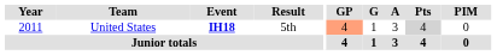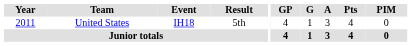 <table border="0" cellpadding="1" cellspacing="0" ID="Table3" style="text-align:center; width:40em">
 <tr bgcolor="#e0e0e0">
 <th>Year</th>
 <th>Team</th>
 <th>Event</th>
 <th>Result</th>
 <th rowspan="99" bgcolor="#ffffff"></th>
 <th>GP</th>
 <th>G</th>
 <th>A</th>
 <th>Pts</th>
 <th>PIM</th>
 </tr>
 <tr>
 <td><a href='#'>2011</a></td>
 <td><a href='#'>United States</a></td>
-<td><strong><a href='#'>IH18</a></strong></td>
+<td><a href='#'>IH18</a></td>
 <td>5th</td>
-<td style="background: lightsalmon;">4</td>
+<td>4</td>
 <td>1</td>
 <td>3</td>
-<td style="background: lightgrey;">4</td>
+<td>4</td>
 <td>0</td>
 </tr>
 <tr bgcolor="#e0e0e0">
 <th colspan="4">Junior totals</th>
 <th>4</th>
 <th>1</th>
 <th>3</th>
 <th>4</th>
 <th>0</th>
 </tr>
 </table>
